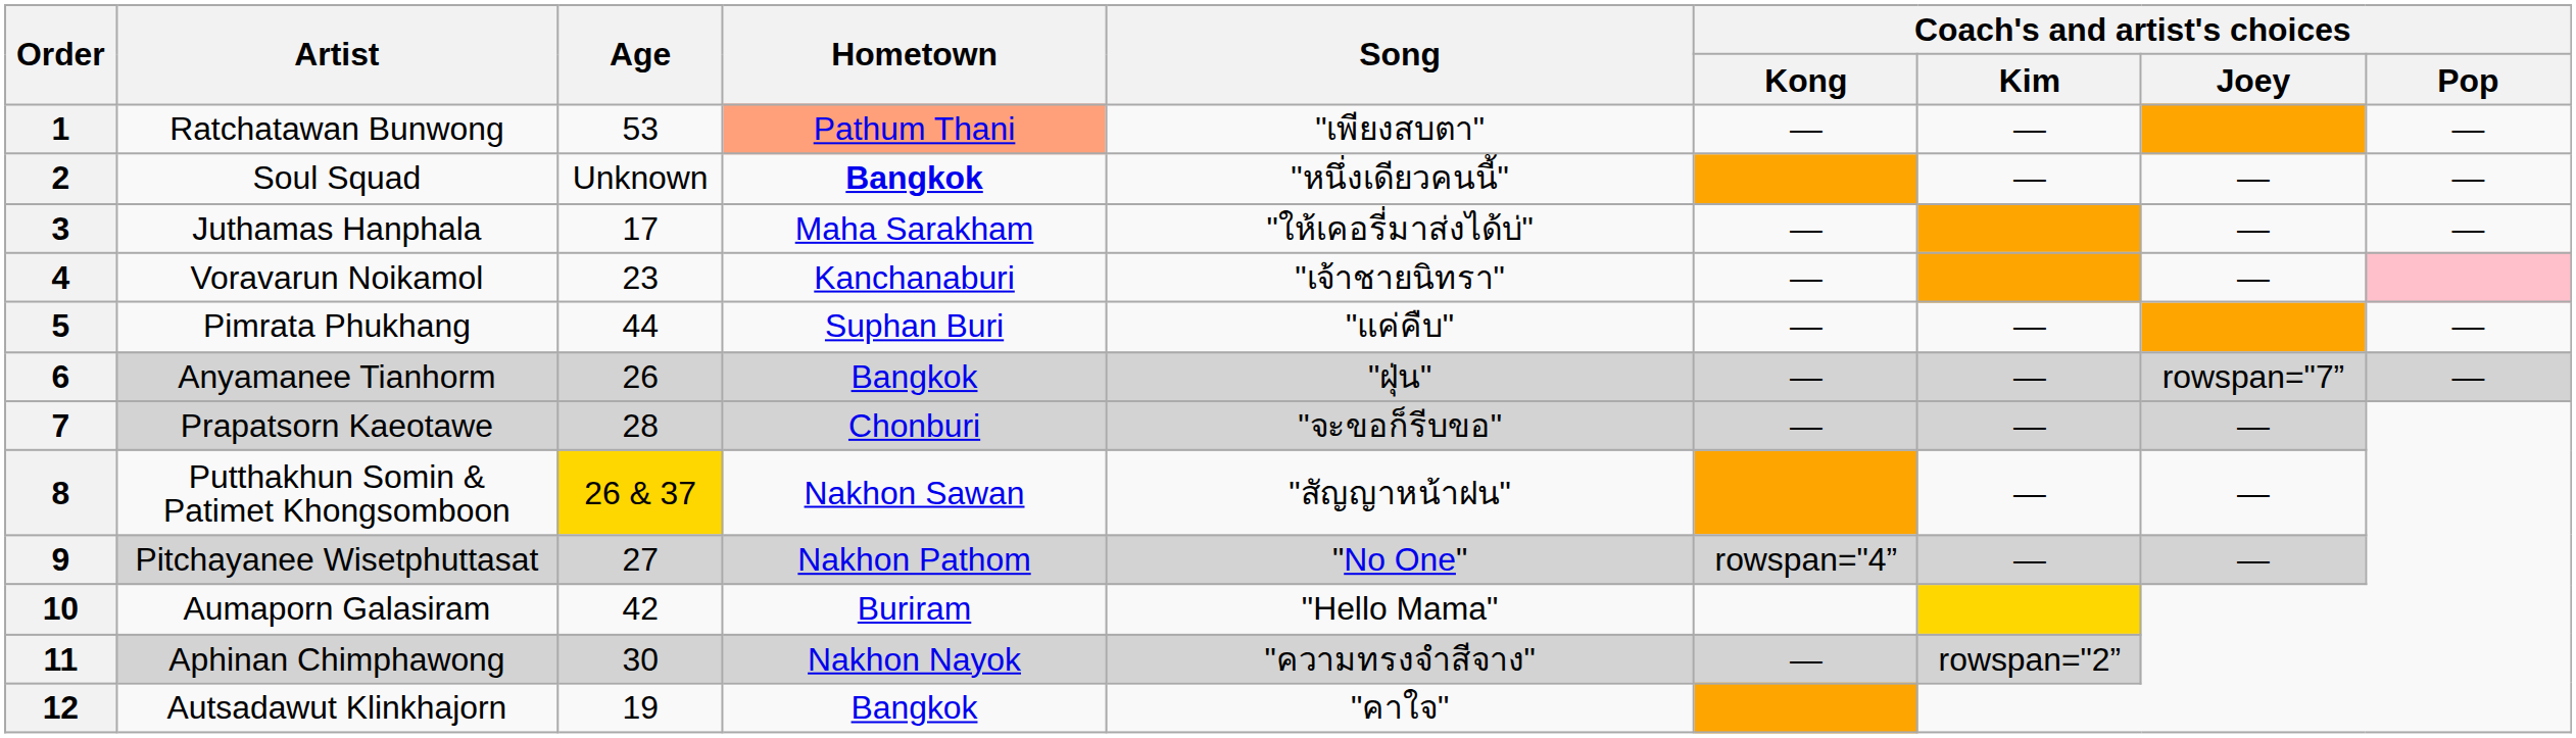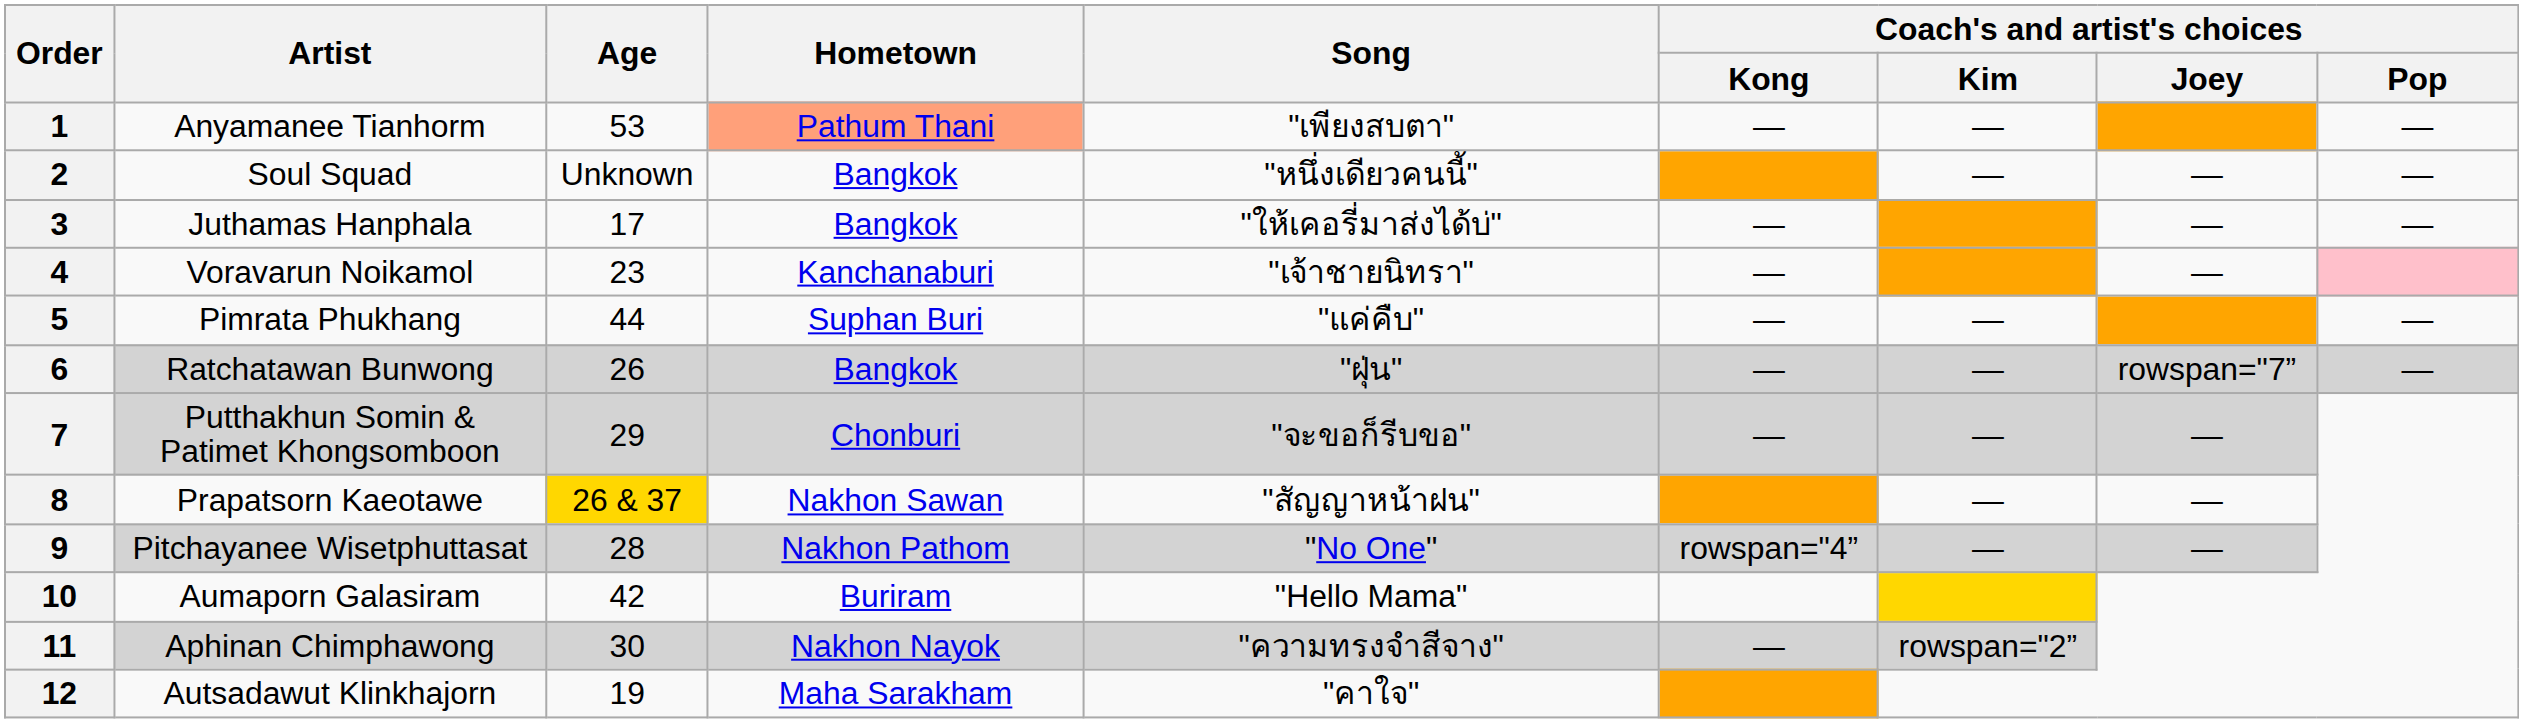 <table class="wikitable" style="text-align:center; line-height:17px; width:100%;">
 <tr>
 <th scope="col" rowspan="2" style="width:02%;">Order</th>
 <th scope="col" rowspan="2" style="width:15%;">Artist</th>
 <th scope="col" rowspan="2" style="width:04%;">Age</th>
 <th scope="col" rowspan="2" style="width:13%;">Hometown</th>
 <th scope="col" rowspan="2" style="width:20%;">Song</th>
 <th scope="col" colspan="4" style="width:30%;">Coach's and artist's choices</th>
 </tr>
 <tr>
 <th style="width:07%;">Kong</th>
 <th style="width:07%;">Kim</th>
 <th style="width:07%;">Joey</th>
 <th style="width:07%;">Pop</th>
 </tr>
 <tr>
 <th>1</th>
-<td>Ratchatawan Bunwong</td>
+<td>Anyamanee Tianhorm</td>
 <td>53</td>
 <td style="background: lightsalmon;"><a href='#'>Pathum Thani</a></td>
 <td>"เพียงสบตา"</td>
 <td>—</td>
 <td>—</td>
 <td style="background:orange;"></td>
 <td>—</td>
 </tr>
 <tr>
 <th>2</th>
 <td>Soul Squad</td>
 <td>Unknown</td>
-<td><strong><a href='#'>Bangkok</a></strong></td>
+<td><a href='#'>Bangkok</a></td>
 <td>"หนึ่งเดียวคนนี้"</td>
 <td style="background:orange;"></td>
 <td>—</td>
 <td>—</td>
 <td>—</td>
 </tr>
 <tr>
 <th>3</th>
 <td>Juthamas Hanphala</td>
 <td>17</td>
-<td><a href='#'>Maha Sarakham</a></td>
+<td><a href='#'>Bangkok</a></td>
 <td>"ให้เคอรี่มาส่งได้บ่"</td>
 <td>—</td>
 <td style="background:orange;"></td>
 <td>—</td>
 <td>—</td>
 </tr>
 <tr>
 <th>4</th>
 <td>Voravarun Noikamol</td>
 <td>23</td>
 <td><a href='#'>Kanchanaburi</a></td>
 <td>"เจ้าชายนิทรา"</td>
 <td>—</td>
 <td style="background:orange;"></td>
 <td>—</td>
 <td style="background:pink;"></td>
 </tr>
 <tr>
 <th>5</th>
 <td>Pimrata Phukhang</td>
 <td>44</td>
 <td><a href='#'>Suphan Buri</a></td>
 <td>"แค่คืบ"</td>
 <td>—</td>
 <td>—</td>
 <td style="background:orange;"></td>
 <td>—</td>
 </tr>
 <tr bgcolor=lightgrey>
 <th>6</th>
-<td>Anyamanee Tianhorm</td>
+<td>Ratchatawan Bunwong</td>
 <td>26</td>
 <td><a href='#'>Bangkok</a></td>
 <td>"ฝุ่น"</td>
 <td>—</td>
 <td>—</td>
 <td>rowspan="7” </td>
 <td>—</td>
 </tr>
 <tr bgcolor=lightgrey>
 <th>7</th>
-<td>Prapatsorn Kaeotawe</td>
-<td>28</td>
+<td>Putthakhun Somin &<br>Patimet Khongsomboon</td>
+<td>29</td>
 <td><a href='#'>Chonburi</a></td>
 <td>"จะขอก็รีบขอ"</td>
 <td>—</td>
 <td>—</td>
 <td>—</td>
 </tr>
 <tr>
 <th>8</th>
-<td>Putthakhun Somin &<br>Patimet Khongsomboon</td>
+<td>Prapatsorn Kaeotawe</td>
 <td style="background: gold;">26 & 37</td>
 <td><a href='#'>Nakhon Sawan</a></td>
 <td>"สัญญาหน้าฝน"</td>
 <td style="background:orange;"></td>
 <td>—</td>
 <td>—</td>
 </tr>
 <tr bgcolor=lightgrey>
 <th>9</th>
 <td>Pitchayanee Wisetphuttasat</td>
-<td>27</td>
+<td>28</td>
 <td><a href='#'>Nakhon Pathom</a></td>
 <td>"<a href='#'>No One</a>"</td>
 <td>rowspan="4” </td>
 <td>—</td>
 <td>—</td>
 </tr>
 <tr>
 <th>10</th>
 <td>Aumaporn Galasiram</td>
 <td>42</td>
 <td><a href='#'>Buriram</a></td>
 <td>"Hello Mama"</td>
 <td></td>
 <td style="background:gold;"></td>
 </tr>
 <tr bgcolor=lightgrey>
 <th>11</th>
 <td>Aphinan Chimphawong</td>
 <td>30</td>
 <td><a href='#'>Nakhon Nayok</a></td>
 <td>"ความทรงจำสีจาง"</td>
 <td>—</td>
 <td>rowspan="2” </td>
 </tr>
 <tr>
 <th>12</th>
 <td>Autsadawut Klinkhajorn</td>
 <td>19</td>
-<td><a href='#'>Bangkok</a></td>
+<td><a href='#'>Maha Sarakham</a></td>
 <td>"คาใจ"</td>
 <td style="background:orange;"></td>
 </tr>
 </table>
